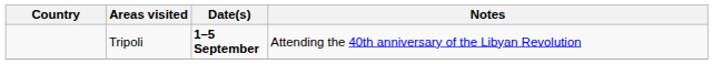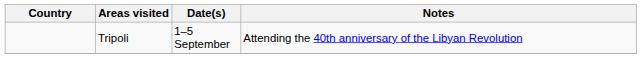 <table class="wikitable" style="margin: 1em auto 1em auto">
 <tr>
 <th width="120">Country</th>
 <th width="100">Areas visited</th>
 <th width="90">Date(s)</th>
 <th width="550">Notes</th>
 </tr>
 <tr>
 <td></td>
 <td>Tripoli</td>
-<td><strong>1–5 September</strong></td>
+<td>1–5 September</td>
 <td>Attending the <a href='#'>40th anniversary of the Libyan Revolution</a></td>
 </tr>
 <tr>
 </tr>
 </table>
